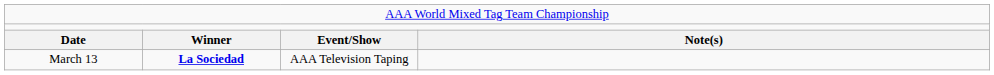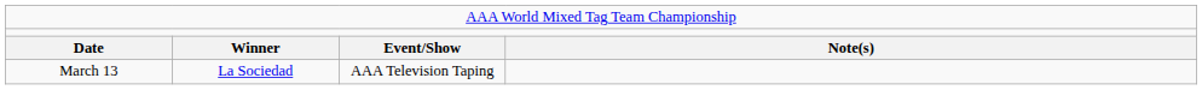 <table class="wikitable" style="text-align:center; width:100%;">
 <tr>
 <td colspan="5"><a href='#'>AAA World Mixed Tag Team Championship</a></td>
 </tr>
 <tr>
 <td colspan="5"><strong></strong></td>
 </tr>
 <tr>
 <th width="14%">Date</th>
 <th width="14%">Winner</th>
 <th width="14%">Event/Show</th>
 <th width="58%">Note(s)</th>
 </tr>
 <tr>
 <td>March 13</td>
-<td><strong><a href='#'>La Sociedad</a><br></strong></td>
+<td><a href='#'>La Sociedad</a><br></td>
 <td>AAA Television Taping</td>
 <td align="left"></td>
 </tr>
 </table>
